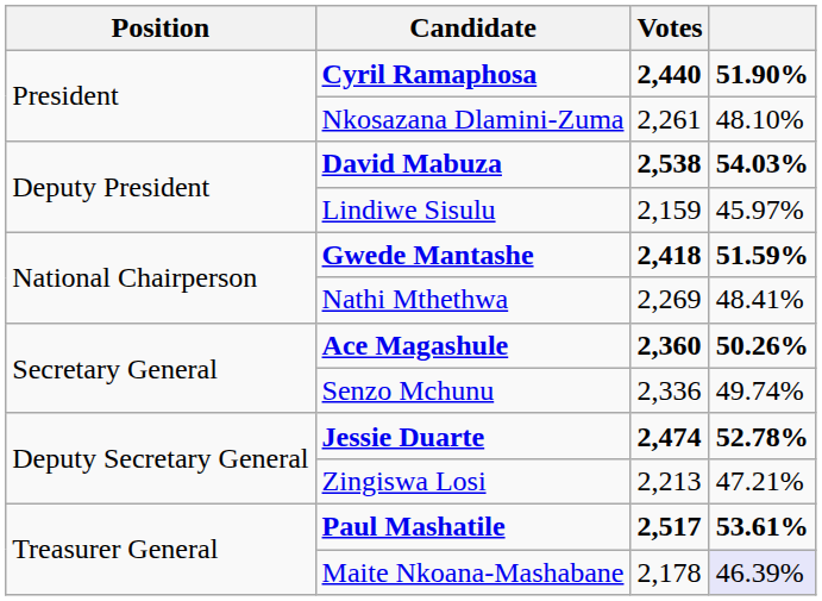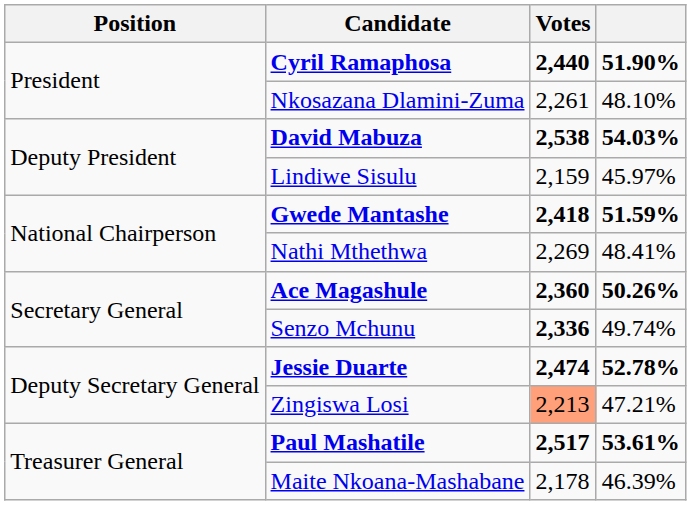 <table class="wikitable">
 <tr>
 <th>Position</th>
 <th>Candidate</th>
 <th>Votes</th>
 <th></th>
 </tr>
 <tr>
 <td rowspan="2">President</td>
 <td><strong><a href='#'>Cyril Ramaphosa</a></strong></td>
 <td><strong>2,440</strong></td>
 <td><strong>51.90%</strong></td>
 </tr>
 <tr>
 <td><a href='#'>Nkosazana Dlamini-Zuma</a></td>
 <td>2,261</td>
 <td>48.10%</td>
 </tr>
 <tr>
 <td rowspan="2">Deputy President</td>
 <td><strong><a href='#'>David Mabuza</a></strong></td>
 <td><strong>2,538</strong></td>
 <td><strong>54.03%</strong></td>
 </tr>
 <tr>
 <td><a href='#'>Lindiwe Sisulu</a></td>
 <td>2,159</td>
 <td>45.97%</td>
 </tr>
 <tr>
 <td rowspan="2">National Chairperson</td>
 <td><strong><a href='#'>Gwede Mantashe</a></strong></td>
 <td><strong>2,418</strong></td>
 <td><strong>51.59%</strong></td>
 </tr>
 <tr>
 <td><a href='#'>Nathi Mthethwa</a></td>
 <td>2,269</td>
 <td>48.41%</td>
 </tr>
 <tr>
 <td rowspan="2">Secretary General</td>
 <td><strong><a href='#'>Ace Magashule</a></strong></td>
 <td><strong>2,360</strong></td>
 <td><strong>50.26%</strong></td>
 </tr>
 <tr>
 <td><a href='#'>Senzo Mchunu</a></td>
-<td>2,336</td>
+<td><strong>2,336</strong></td>
 <td>49.74%</td>
 </tr>
 <tr>
 <td rowspan="2">Deputy Secretary General</td>
 <td><strong><a href='#'>Jessie Duarte</a></strong></td>
 <td><strong>2,474</strong></td>
 <td><strong>52.78%</strong></td>
 </tr>
 <tr>
 <td><a href='#'>Zingiswa Losi</a></td>
-<td>2,213</td>
+<td style="background: lightsalmon;">2,213</td>
 <td>47.21%</td>
 </tr>
 <tr>
 <td rowspan="2">Treasurer General</td>
 <td><strong><a href='#'>Paul Mashatile</a></strong></td>
 <td><strong>2,517</strong></td>
 <td><strong>53.61%</strong></td>
 </tr>
 <tr>
 <td><a href='#'>Maite Nkoana-Mashabane</a></td>
 <td>2,178</td>
-<td style="background: lavender;">46.39%</td>
+<td>46.39%</td>
 </tr>
 </table>
